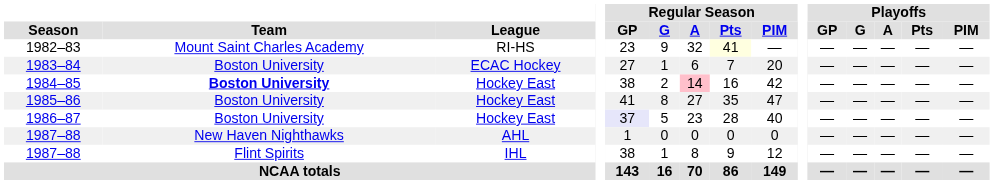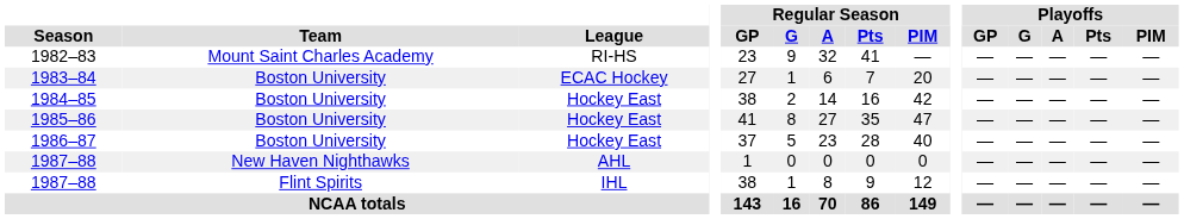 <table border="0" cellpadding="1" cellspacing="0" style="text-align:center; width:70em">
 <tr bgcolor="#e0e0e0">
 <th colspan="3"  bgcolor="#ffffff"> </th>
 <th rowspan="99" bgcolor="#ffffff"> </th>
 <th colspan="5">Regular Season</th>
 <th rowspan="99" bgcolor="#ffffff"> </th>
 <th colspan="5">Playoffs</th>
 </tr>
 <tr bgcolor="#e0e0e0">
 <th>Season</th>
 <th>Team</th>
 <th>League</th>
 <th>GP</th>
 <th><a href='#'>G</a></th>
 <th><a href='#'>A</a></th>
 <th><a href='#'>Pts</a></th>
 <th><a href='#'>PIM</a></th>
 <th>GP</th>
 <th>G</th>
 <th>A</th>
 <th>Pts</th>
 <th>PIM</th>
 </tr>
 <tr>
 <td>1982–83</td>
 <td><a href='#'>Mount Saint Charles Academy</a></td>
 <td>RI-HS</td>
 <td>23</td>
 <td>9</td>
 <td>32</td>
-<td style="background: lightyellow;">41</td>
+<td>41</td>
 <td>—</td>
 <td>—</td>
 <td>—</td>
 <td>—</td>
 <td>—</td>
 <td>—</td>
 </tr>
 <tr bgcolor="f0f0f0">
 <td><a href='#'>1983–84</a></td>
 <td><a href='#'>Boston University</a></td>
 <td><a href='#'>ECAC Hockey</a></td>
 <td>27</td>
 <td>1</td>
 <td>6</td>
 <td>7</td>
 <td>20</td>
 <td>—</td>
 <td>—</td>
 <td>—</td>
 <td>—</td>
 <td>—</td>
 </tr>
 <tr>
 <td><a href='#'>1984–85</a></td>
-<td><strong><a href='#'>Boston University</a></strong></td>
+<td><a href='#'>Boston University</a></td>
 <td><a href='#'>Hockey East</a></td>
 <td>38</td>
 <td>2</td>
-<td style="background: pink;">14</td>
+<td>14</td>
 <td>16</td>
 <td>42</td>
 <td>—</td>
 <td>—</td>
 <td>—</td>
 <td>—</td>
 <td>—</td>
 </tr>
 <tr bgcolor="f0f0f0">
 <td><a href='#'>1985–86</a></td>
 <td><a href='#'>Boston University</a></td>
 <td><a href='#'>Hockey East</a></td>
 <td>41</td>
 <td>8</td>
 <td>27</td>
 <td>35</td>
 <td>47</td>
 <td>—</td>
 <td>—</td>
 <td>—</td>
 <td>—</td>
 <td>—</td>
 </tr>
 <tr>
 <td><a href='#'>1986–87</a></td>
 <td><a href='#'>Boston University</a></td>
 <td><a href='#'>Hockey East</a></td>
-<td style="background: lavender;">37</td>
+<td>37</td>
 <td>5</td>
 <td>23</td>
 <td>28</td>
 <td>40</td>
 <td>—</td>
 <td>—</td>
 <td>—</td>
 <td>—</td>
 <td>—</td>
 </tr>
 <tr bgcolor="f0f0f0">
 <td><a href='#'>1987–88</a></td>
 <td><a href='#'>New Haven Nighthawks</a></td>
 <td><a href='#'>AHL</a></td>
 <td>1</td>
 <td>0</td>
 <td>0</td>
 <td>0</td>
 <td>0</td>
 <td>—</td>
 <td>—</td>
 <td>—</td>
 <td>—</td>
 <td>—</td>
 </tr>
 <tr>
 <td><a href='#'>1987–88</a></td>
 <td><a href='#'>Flint Spirits</a></td>
 <td><a href='#'>IHL</a></td>
 <td>38</td>
 <td>1</td>
 <td>8</td>
 <td>9</td>
 <td>12</td>
 <td>—</td>
 <td>—</td>
 <td>—</td>
 <td>—</td>
 <td>—</td>
 </tr>
 <tr bgcolor="#e0e0e0">
 <th colspan="3">NCAA totals</th>
 <th>143</th>
 <th>16</th>
 <th>70</th>
 <th>86</th>
 <th>149</th>
 <th>—</th>
 <th>—</th>
 <th>—</th>
 <th>—</th>
 <th>—</th>
 </tr>
 </table>
